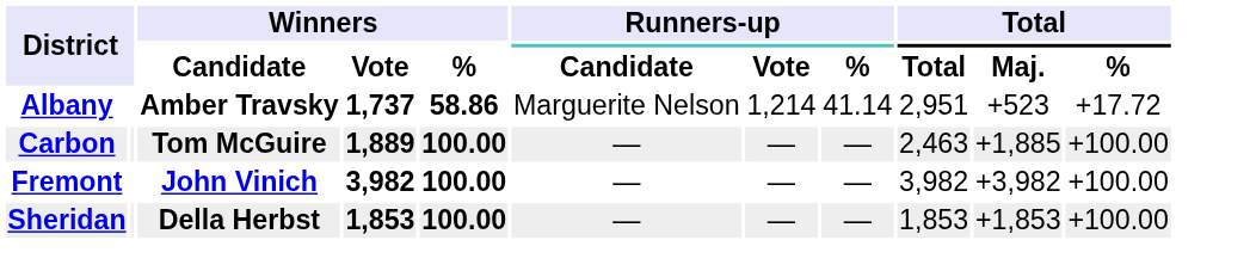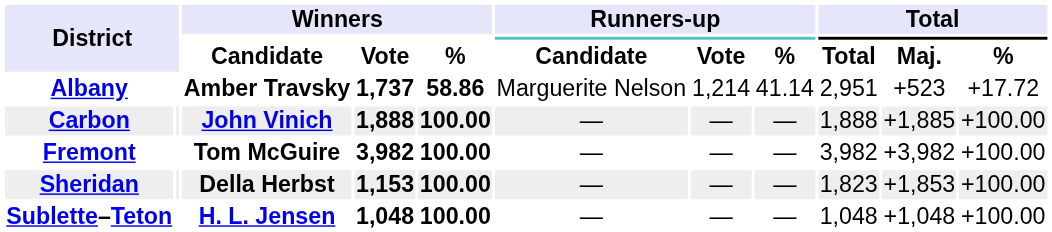 <table class="toccolours sortable" style="text-align:center;">
 <tr style="background:lavender">
 <th rowspan="3" colspan="2">District</th>
 <th colspan=3>Winners</th>
 <th colspan=3>Runners-up</th>
 <th colspan=3>Total</th>
 </tr>
 <tr>
 <th colspan=3 style="background-color:"></th>
 <th colspan=3 style="background-color:#51C2C2"></th>
 <th colspan=3 style="background-color:#000000"></th>
 </tr>
 <tr>
 <th align="center">Candidate</th>
 <th align="center">Vote</th>
 <th align="center">%</th>
 <th align="center">Candidate</th>
 <th align="center">Vote</th>
 <th align="center">%</th>
 <th align="center">Total</th>
 <th align="center">Maj.</th>
 <th align="center">%</th>
 </tr>
 <tr>
 <th><a href='#'>Albany</a></th>
 <td style="background-color:"></td>
 <td><strong>Amber Travsky</strong></td>
 <td><strong>1,737</strong></td>
 <td><strong>58.86</strong></td>
 <td>Marguerite Nelson</td>
 <td>1,214</td>
 <td>41.14</td>
 <td>2,951</td>
 <td>+523</td>
 <td>+17.72</td>
 </tr>
 <tr style="background:#EEEEEE;">
 <th><a href='#'>Carbon</a></th>
 <td style="background-color:"></td>
-<td><strong>Tom McGuire</strong></td>
-<td><strong>1,889</strong></td>
+<td><strong><a href='#'>John Vinich</a></strong></td>
+<td><strong>1,888</strong></td>
 <td><strong>100.00</strong></td>
 <td>—</td>
 <td>—</td>
 <td>—</td>
-<td>2,463</td>
+<td>1,888</td>
 <td>+1,885</td>
 <td>+100.00</td>
 </tr>
 <tr>
 <th><a href='#'>Fremont</a></th>
 <td style="background-color:"></td>
-<td><strong><a href='#'>John Vinich</a></strong></td>
+<td><strong>Tom McGuire</strong></td>
 <td><strong>3,982</strong></td>
 <td><strong>100.00</strong></td>
 <td>—</td>
 <td>—</td>
 <td>—</td>
 <td>3,982</td>
 <td>+3,982</td>
 <td>+100.00</td>
 </tr>
 <tr style="background:#EEEEEE;">
 <th><a href='#'>Sheridan</a></th>
 <td style="background-color:"></td>
 <td><strong>Della Herbst</strong></td>
-<td><strong>1,853</strong></td>
+<td><strong>1,153</strong></td>
 <td><strong>100.00</strong></td>
 <td>—</td>
 <td>—</td>
 <td>—</td>
-<td>1,853</td>
+<td>1,823</td>
 <td>+1,853</td>
+<td>+100.00</td>
+</tr>
+<tr>
+<th><a href='#'>Sublette</a>–<a href='#'>Teton</a></th>
+<td style="background-color:"></td>
+<td><strong><a href='#'>H. L. Jensen</a></strong></td>
+<td><strong>1,048</strong></td>
+<td><strong>100.00</strong></td>
+<td>—</td>
+<td>—</td>
+<td>—</td>
+<td>1,048</td>
+<td>+1,048</td>
 <td>+100.00</td>
 </tr>
 <tr>
 </tr>
 </table>
